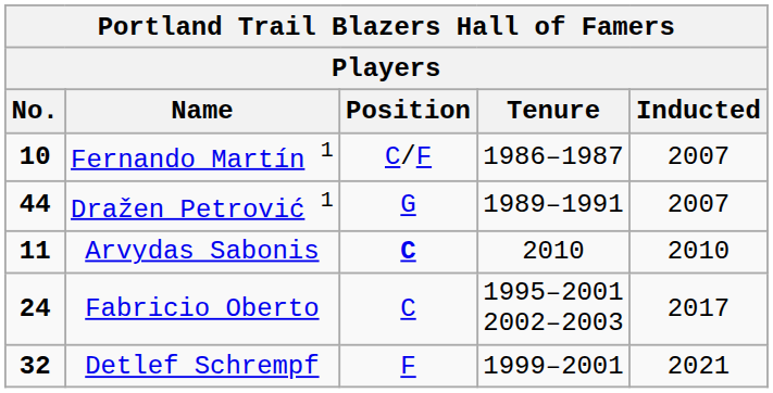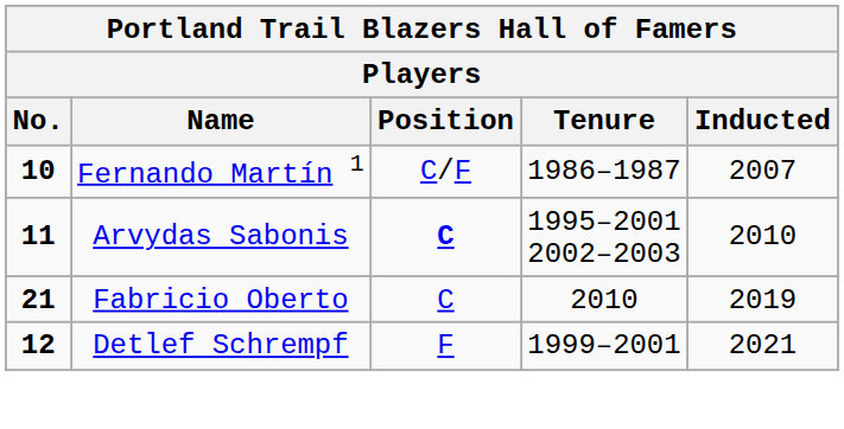 <table class="wikitable" style="text-align:center">
 <tr>
 <th colspan="5">Portland Trail Blazers Hall of Famers</th>
 </tr>
 <tr>
 <th colspan="5" style="text-align:center; ">Players</th>
 </tr>
 <tr>
 <th>No.</th>
 <th>Name</th>
 <th>Position</th>
 <th>Tenure</th>
 <th>Inducted</th>
 </tr>
 <tr>
 <td><strong>10</strong></td>
 <td><a href='#'>Fernando Martín</a> <sup>1</sup></td>
 <td><a href='#'>C</a>/<a href='#'>F</a></td>
 <td>1986–1987</td>
 <td>2007</td>
 </tr>
 <tr>
-<td><strong>44</strong></td>
-<td><a href='#'>Dražen Petrović</a> <sup>1</sup></td>
-<td><a href='#'>G</a></td>
-<td>1989–1991</td>
-<td>2007</td>
-</tr>
-<tr>
 <td><strong>11</strong></td>
 <td><a href='#'>Arvydas Sabonis</a></td>
 <td><strong><a href='#'>C</a></strong></td>
-<td>2010</td>
+<td>1995–2001<br>2002–2003</td>
 <td>2010</td>
 </tr>
 <tr>
-<td><strong>24</strong></td>
+<td><strong>21</strong></td>
 <td><a href='#'>Fabricio Oberto</a></td>
 <td><a href='#'>C</a></td>
-<td>1995–2001<br>2002–2003</td>
-<td>2017</td>
+<td>2010</td>
+<td>2019</td>
 </tr>
 <tr>
-<td><strong>32</strong></td>
+<td><strong>12</strong></td>
 <td><a href='#'>Detlef Schrempf</a></td>
 <td><a href='#'>F</a></td>
 <td>1999–2001</td>
 <td>2021</td>
 </tr>
 </table>
